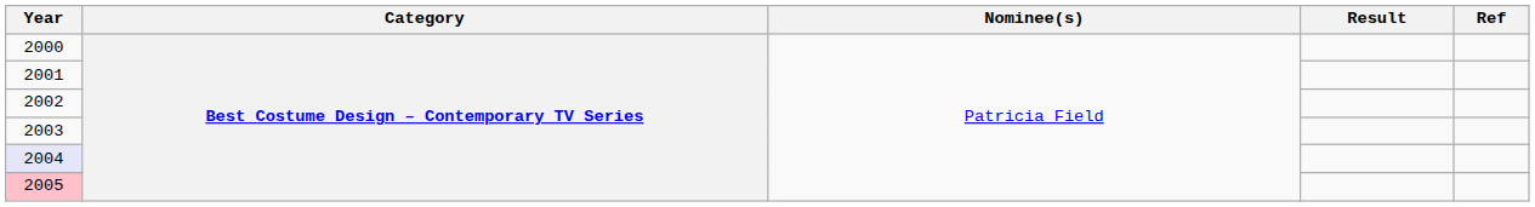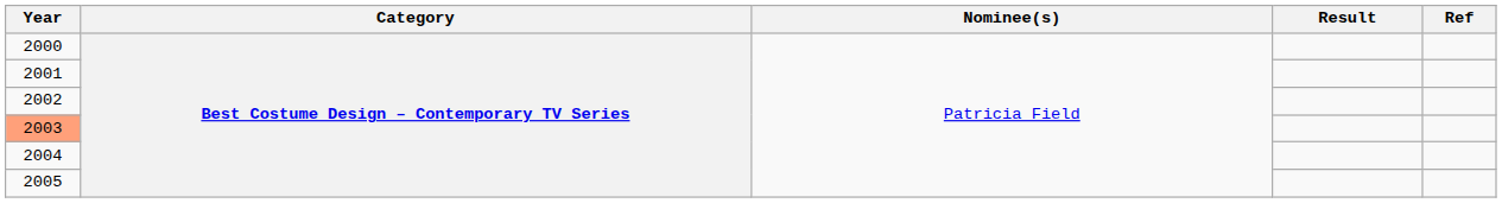 <table class="wikitable plainrowheaders" style="font-size: 90%; text-align:center" width=85%>
 <tr>
 <th scope="col" width="5%">Year</th>
 <th scope="col" width="45%">Category</th>
 <th scope="col" width="35%">Nominee(s)</th>
 <th scope="col" width="10%">Result</th>
 <th scope="col" width="5%">Ref</th>
 </tr>
 <tr>
 <td>2000</td>
 <th scope="row" style="text-align:center" rowspan=6><a href='#'>Best Costume Design – Contemporary TV Series</a></th>
 <td rowspan=6><a href='#'>Patricia Field</a></td>
 <td></td>
 <td></td>
 </tr>
 <tr>
 <td>2001</td>
 <td></td>
 <td></td>
 </tr>
 <tr>
 <td>2002</td>
 <td></td>
 <td></td>
 </tr>
 <tr>
-<td>2003</td>
+<td style="background: lightsalmon;">2003</td>
 <td></td>
 <td></td>
 </tr>
 <tr>
-<td style="background: lavender;">2004</td>
+<td>2004</td>
 <td></td>
 <td></td>
 </tr>
 <tr>
-<td style="background: pink;">2005</td>
+<td>2005</td>
 <td></td>
 <td></td>
 </tr>
 </table>
